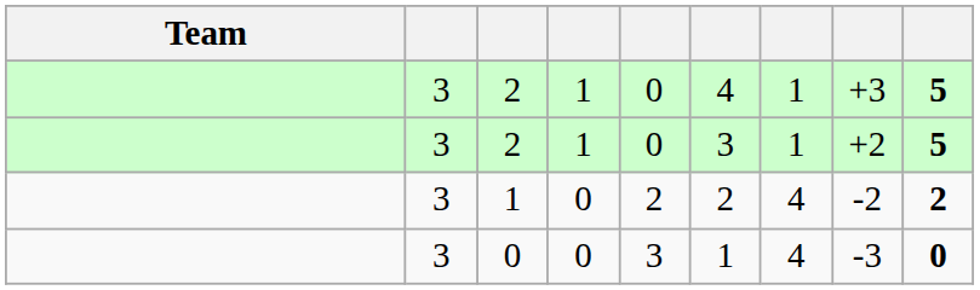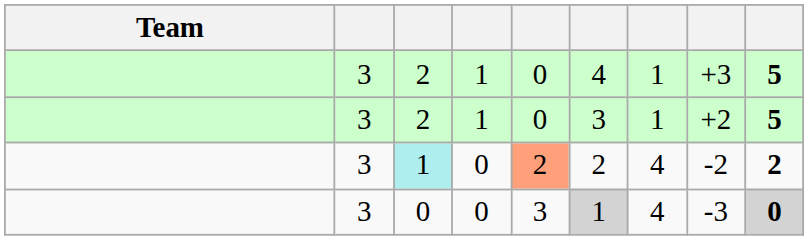 <table class="wikitable" style="text-align: center;">
 <tr>
 <th width=175>Team</th>
 <th width=25></th>
 <th width=25></th>
 <th width=25></th>
 <th width=25></th>
 <th width=25></th>
 <th width=25></th>
 <th width=25></th>
 <th width=25></th>
 </tr>
 <tr bgcolor=ccffcc>
 <td style="text-align:left;"></td>
 <td>3</td>
 <td>2</td>
 <td>1</td>
 <td>0</td>
 <td>4</td>
 <td>1</td>
 <td>+3</td>
 <td><strong>5</strong></td>
 </tr>
 <tr bgcolor=ccffcc>
 <td style="text-align:left;"></td>
 <td>3</td>
 <td>2</td>
 <td>1</td>
 <td>0</td>
 <td>3</td>
 <td>1</td>
 <td>+2</td>
 <td><strong>5</strong></td>
 </tr>
 <tr>
 <td style="text-align:left;"></td>
 <td>3</td>
-<td>1</td>
+<td style="background: paleturquoise;">1</td>
 <td>0</td>
-<td>2</td>
+<td style="background: lightsalmon;">2</td>
 <td>2</td>
 <td>4</td>
 <td>-2</td>
 <td><strong>2</strong></td>
 </tr>
 <tr>
 <td style="text-align:left;"></td>
 <td>3</td>
 <td>0</td>
 <td>0</td>
 <td>3</td>
-<td>1</td>
+<td style="background: lightgrey;">1</td>
 <td>4</td>
 <td>-3</td>
-<td><strong>0</strong></td>
+<td style="background: lightgrey;"><strong>0</strong></td>
 </tr>
 </table>
